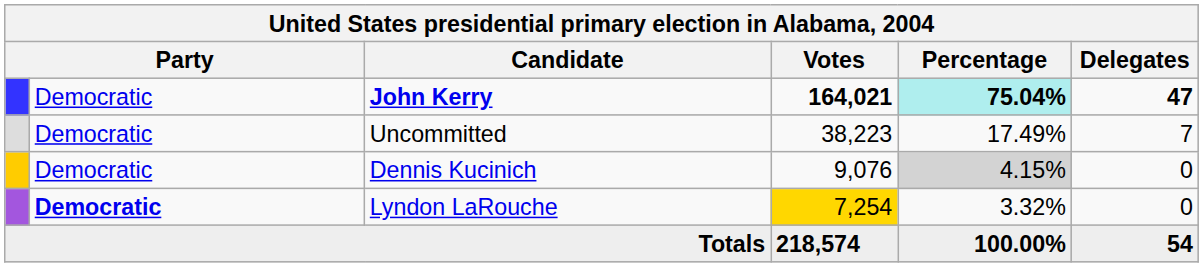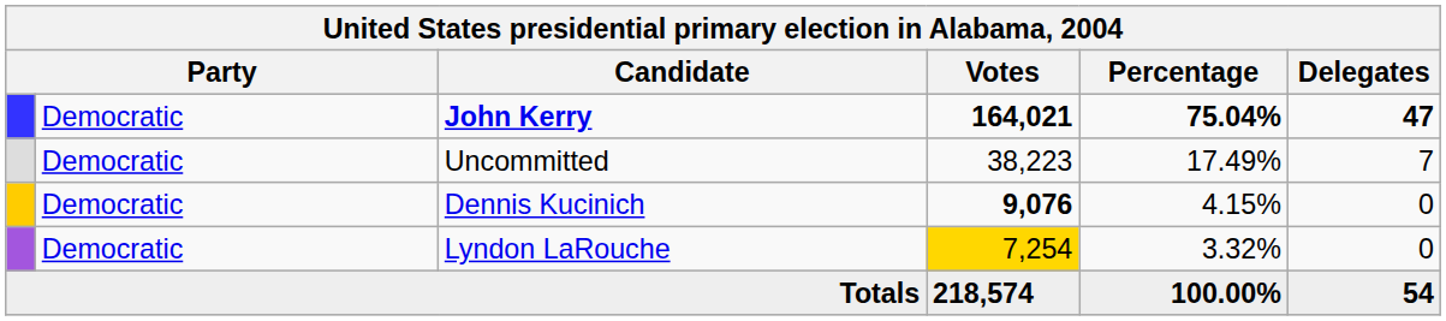 <table class="wikitable" style="font-size: 95%;">
 <tr>
 <th colspan="7">United States presidential primary election in Alabama, 2004</th>
 </tr>
 <tr>
 <th colspan="2" style="width: 15em">Party</th>
 <th style="width: 17em">Candidate</th>
 <th style="width: 5em">Votes</th>
 <th style="width: 7em">Percentage</th>
 <th colspan="2" style="width: 5em">Delegates</th>
 </tr>
 <tr>
 <th style="background-color:#3333FF; width: 3px"></th>
 <td style="width: 130px"><a href='#'>Democratic</a></td>
 <td><strong><a href='#'>John Kerry</a></strong></td>
 <td align="right"><strong>164,021</strong></td>
-<td align="right" style="background: paleturquoise;"><strong>75.04%</strong></td>
+<td align="right"><strong>75.04%</strong></td>
 <td colspan="2" align="right"><strong>47</strong></td>
 </tr>
 <tr>
 <th style="background-color:#DDDDDD; width: 3px"></th>
 <td style="width: 130px"><a href='#'>Democratic</a></td>
 <td>Uncommitted</td>
 <td align="right">38,223</td>
 <td align="right">17.49%</td>
 <td colspan="2" align="right">7</td>
 </tr>
 <tr>
 <th style="background-color:#FFCC00; width: 3px"></th>
 <td style="width: 130px"><a href='#'>Democratic</a></td>
 <td><a href='#'>Dennis Kucinich</a></td>
-<td align="right">9,076</td>
-<td align="right" style="background: lightgrey;">4.15%</td>
+<td align="right"><strong>9,076</strong></td>
+<td align="right">4.15%</td>
 <td colspan="2" align="right">0</td>
 </tr>
 <tr>
 <th style="background-color:#A356DE; width: 3px"></th>
-<td style="width: 130px"><strong><a href='#'>Democratic</a></strong></td>
+<td style="width: 130px"><a href='#'>Democratic</a></td>
 <td><a href='#'>Lyndon LaRouche</a></td>
 <td align="right" style="background: gold;">7,254</td>
 <td align="right">3.32%</td>
 <td colspan="2" align="right">0</td>
 </tr>
 <tr bgcolor="#EEEEEE">
 <td colspan="3" align="right"><strong>Totals</strong></td>
 <td><strong>218,574</strong></td>
 <td align="right"><strong>100.00%</strong></td>
 <td colspan="2" align="right"><strong>54</strong></td>
 </tr>
 </table>
